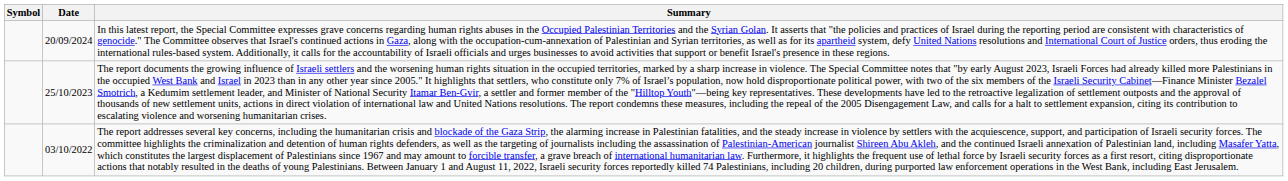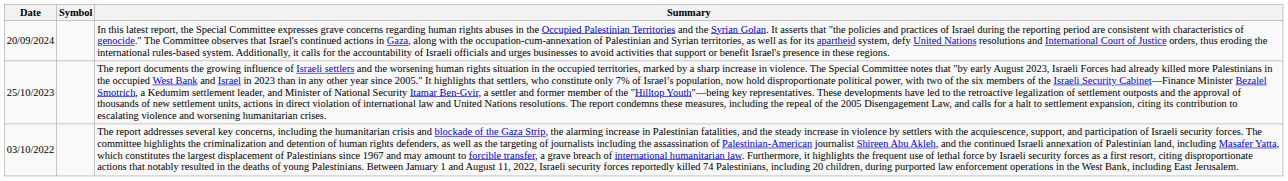 <table class="wikitable">
 <tr>
+<th>Date</th>
 <th>Symbol</th>
-<th>Date</th>
 <th>Summary</th>
 </tr>
 <tr>
+<td>20/09/2024</td>
 <td></td>
-<td>20/09/2024</td>
 <td>In this latest report, the Special Committee expresses grave concerns regarding human rights abuses in the <a href='#'>Occupied Palestinian Territories</a> and the <a href='#'>Syrian Golan</a>. It asserts that "the policies and practices of Israel during the reporting period are consistent with characteristics of <a href='#'>genocide</a>." The Committee observes that Israel's continued actions in <a href='#'>Gaza</a>, along with the occupation-cum-annexation of Palestinian and Syrian territories, as well as for its <a href='#'>apartheid</a> system, defy <a href='#'>United Nations</a> resolutions and <a href='#'>International Court of Justice</a> orders, thus eroding the international rules-based system. Additionally, it calls for the accountability of Israeli officials and urges businesses to avoid activities that support or benefit Israel's presence in these regions.</td>
 </tr>
 <tr>
+<td>25/10/2023</td>
 <td></td>
-<td>25/10/2023</td>
 <td>The report documents the growing influence of <a href='#'>Israeli settlers</a> and the worsening human rights situation in the occupied territories, marked by a sharp increase in violence. The Special Committee notes that "by early August 2023, Israeli Forces had already killed more Palestinians in the occupied <a href='#'>West Bank</a> and <a href='#'>Israel</a> in 2023 than in any other year since 2005." It highlights that settlers, who constitute only 7% of Israel’s population, now hold disproportionate political power, with two of the six members of the <a href='#'>Israeli Security Cabinet</a>—Finance Minister <a href='#'>Bezalel Smotrich</a>, a Kedumim settlement leader, and Minister of National Security <a href='#'>Itamar Ben-Gvir</a>, a settler and former member of the "<a href='#'>Hilltop Youth</a>"—being key representatives. These developments have led to the retroactive legalization of settlement outposts and the approval of thousands of new settlement units, actions in direct violation of international law and United Nations resolutions. The report condemns these measures, including the repeal of the 2005 Disengagement Law, and calls for a halt to settlement expansion, citing its contribution to escalating violence and worsening humanitarian crises.</td>
 </tr>
 <tr>
+<td>03/10/2022</td>
 <td></td>
-<td>03/10/2022</td>
 <td>The report addresses several key concerns, including the humanitarian crisis and <a href='#'>blockade of the Gaza Strip</a>, the alarming increase in Palestinian fatalities, and the steady increase in violence by settlers with the acquiescence, support, and participation of Israeli security forces. The committee highlights the criminalization and detention of human rights defenders, as well as the targeting of journalists including the assassination of <a href='#'>Palestinian-American</a> journalist <a href='#'>Shireen Abu Akleh</a>, and the continued Israeli annexation of Palestinian land, including <a href='#'>Masafer Yatta</a>, which constitutes the largest displacement of Palestinians since 1967 and may amount to <a href='#'>forcible transfer</a>, a grave breach of <a href='#'>international humanitarian law</a>.  Furthermore, it highlights the frequent use of lethal force by Israeli security forces as a first resort, citing disproportionate actions that notably resulted in the deaths of young Palestinians. Between January 1 and August 11, 2022, Israeli security forces reportedly killed 74 Palestinians, including 20 children, during purported law enforcement operations in the West Bank, including East Jerusalem.</td>
 </tr>
 </table>
